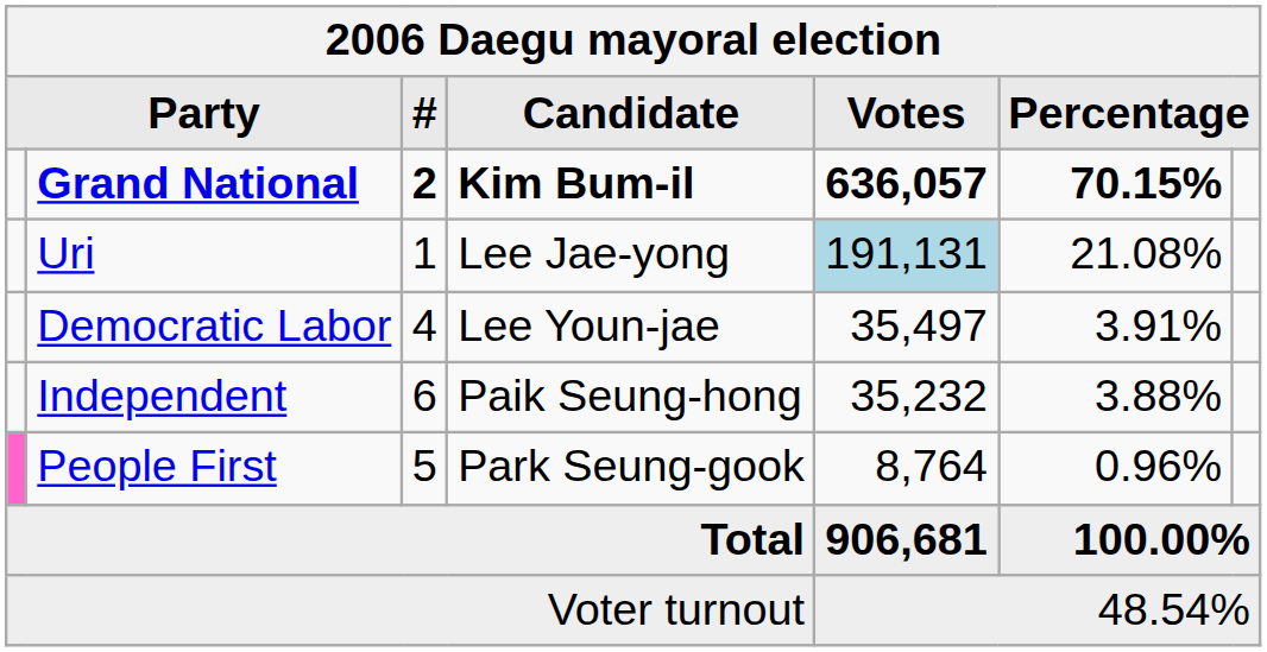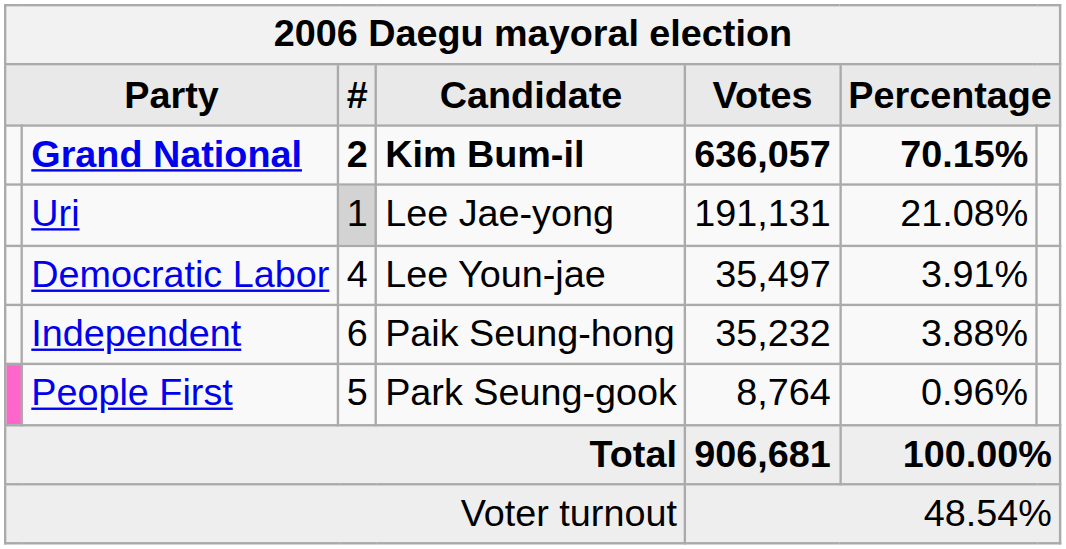 <table class="wikitable">
 <tr>
 <th colspan="7">2006 Daegu mayoral election</th>
 </tr>
 <tr>
 <th style="background-color:#E9E9E9" colspan=2>Party</th>
 <th style="background-color:#E9E9E9">#</th>
 <th style="background-color:#E9E9E9">Candidate</th>
 <th style="background-color:#E9E9E9">Votes</th>
 <th style="background-color:#E9E9E9" colspan=2>Percentage</th>
 </tr>
 <tr style="font-weight:bold">
 <td></td>
 <td align=left><a href='#'>Grand National</a></td>
 <td align=center>2</td>
 <td align=left>Kim Bum-il</td>
 <td align=right>636,057</td>
 <td align=right>70.15%</td>
 <td align=right></td>
 </tr>
 <tr>
 <td></td>
 <td align=left><a href='#'>Uri</a></td>
-<td align=center>1</td>
+<td align=center style="background: lightgrey;">1</td>
 <td align=left>Lee Jae-yong</td>
-<td align=right style="background: lightblue;">191,131</td>
+<td align=right>191,131</td>
 <td align=right>21.08%</td>
 <td align=right></td>
 </tr>
 <tr>
 <td></td>
 <td align=left><a href='#'>Democratic Labor</a></td>
 <td align=center>4</td>
 <td align=left>Lee Youn-jae</td>
 <td align=right>35,497</td>
 <td align=right>3.91%</td>
 <td align=right></td>
 </tr>
 <tr>
 <td></td>
 <td align=left><a href='#'>Independent</a></td>
 <td align=center>6</td>
 <td align=left>Paik Seung-hong</td>
 <td align=right>35,232</td>
 <td align=right>3.88%</td>
 <td align=right></td>
 </tr>
 <tr>
 <td bgcolor="#FF66cc"></td>
 <td align=left><a href='#'>People First</a></td>
 <td align=center>5</td>
 <td align=left>Park Seung-gook</td>
 <td align=right>8,764</td>
 <td align=right>0.96%</td>
 <td align=right></td>
 </tr>
 <tr bgcolor="#EEEEEE" style="font-weight:bold">
 <td colspan="4" align=right>Total</td>
 <td align=right>906,681</td>
 <td align=right colspan=2>100.00%</td>
 </tr>
 <tr bgcolor="#EEEEEE">
 <td colspan="4" align="right">Voter turnout</td>
 <td colspan="3" align="right">48.54%</td>
 </tr>
 </table>
